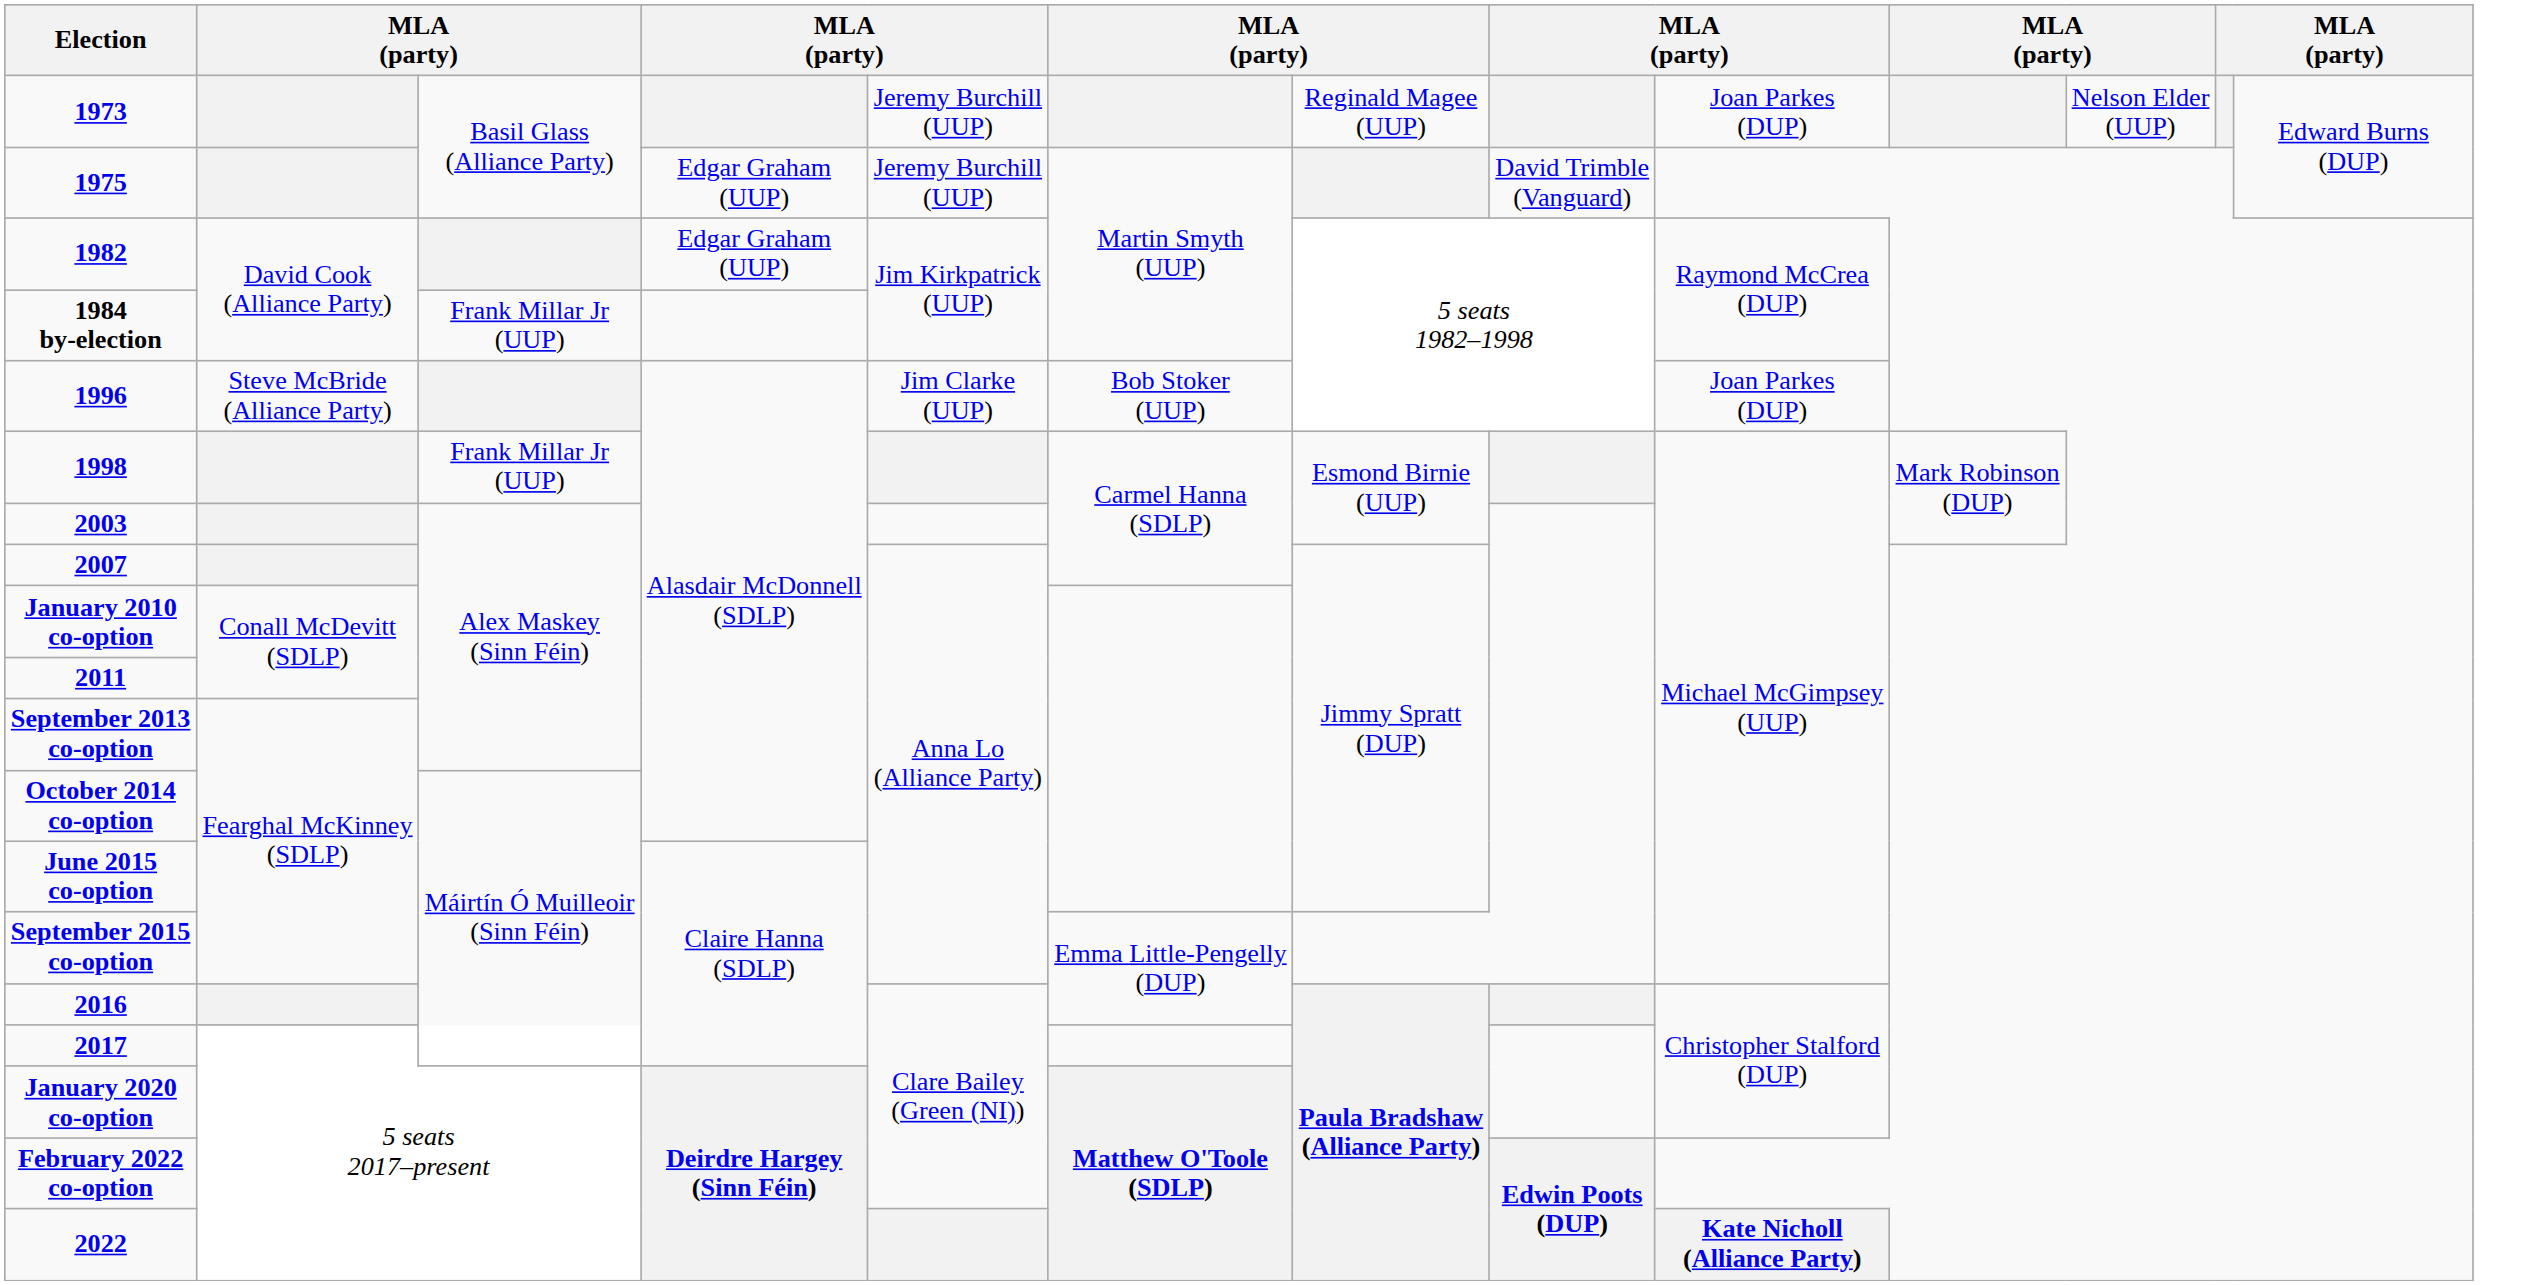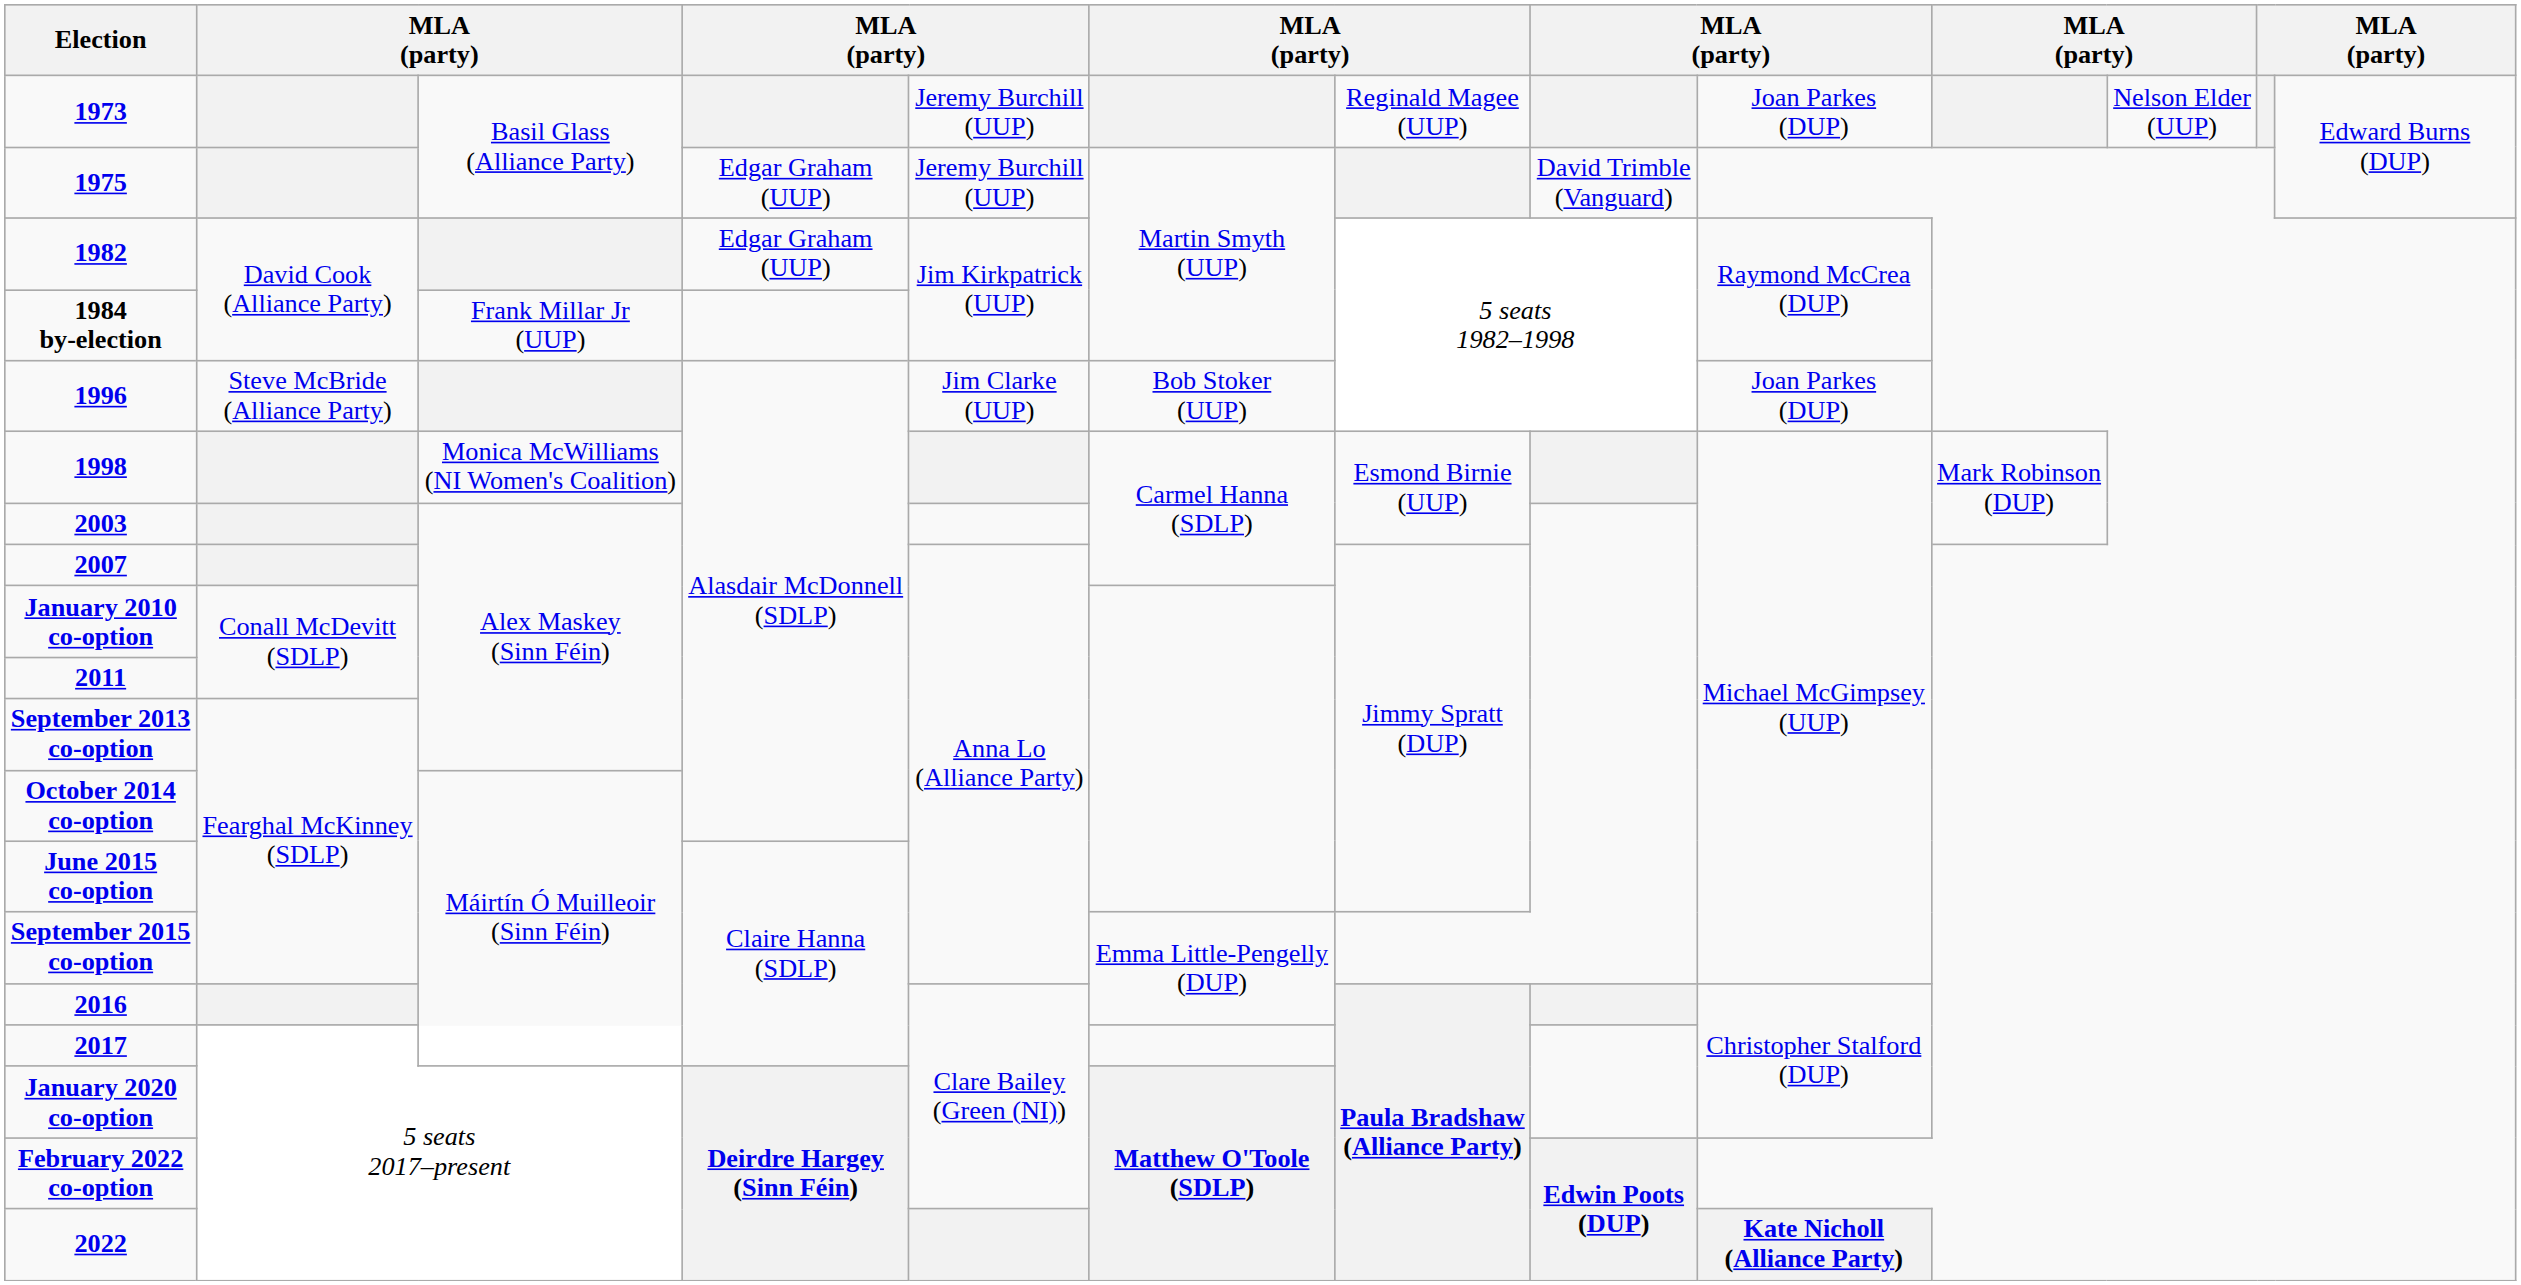 <table class="wikitable" style="text-align:center">
 <tr>
 <th>Election</th>
 <th scope="col" width="150" colspan = "2">MLA<br> (party)</th>
 <th scope="col" width="150" colspan = "2">MLA<br> (party)</th>
 <th scope="col" width="150" colspan = "2">MLA<br> (party)</th>
 <th scope="col" width="150" colspan = "2">MLA<br> (party)</th>
 <th scope="col" width="150" colspan = "2">MLA<br> (party)</th>
 <th scope="col" width="150" colspan = "2">MLA<br> (party)</th>
 </tr>
 <tr>
 <td><strong><a href='#'>1973</a></strong></td>
 <th style="background-color: "></th>
 <td rowspan=2><a href='#'>Basil Glass</a><br>(<a href='#'>Alliance Party</a>)</td>
 <th style="background-color: "></th>
 <td><a href='#'>Jeremy Burchill</a><br>(<a href='#'>UUP</a>)</td>
 <th style="background-color: "></th>
 <td><a href='#'>Reginald Magee</a><br>(<a href='#'>UUP</a>)</td>
 <th style="background-color: "></th>
 <td><a href='#'>Joan Parkes</a><br>(<a href='#'>DUP</a>)</td>
 <th style="background-color: "></th>
 <td><a href='#'>Nelson Elder</a><br>(<a href='#'>UUP</a>)</td>
 <th style="background-color: "></th>
 <td rowspan=2><a href='#'>Edward Burns</a><br>(<a href='#'>DUP</a>)</td>
 </tr>
 <tr>
 <td><strong><a href='#'>1975</a></strong></td>
 <th style="background-color: "></th>
 <td><a href='#'>Edgar Graham</a><br>(<a href='#'>UUP</a>)</td>
 <td><a href='#'>Jeremy Burchill</a><br>(<a href='#'>UUP</a>)</td>
 <td rowspan=3><a href='#'>Martin Smyth</a><br>(<a href='#'>UUP</a>)</td>
 <th style="background-color: "></th>
 <td><a href='#'>David Trimble</a><br>(<a href='#'>Vanguard</a>)</td>
 </tr>
 <tr>
 <td><strong><a href='#'>1982</a></strong></td>
 <td rowspan=2><a href='#'>David Cook</a><br>(<a href='#'>Alliance Party</a>)</td>
 <th style="background-color: "></th>
 <td><a href='#'>Edgar Graham</a><br>(<a href='#'>UUP</a>)</td>
 <td rowspan=2><a href='#'>Jim Kirkpatrick</a><br>(<a href='#'>UUP</a>)</td>
 <td style="background-color:#FFFFFF" rowspan=3 colspan=2><em>5 seats<br>1982–1998</em></td>
 <td rowspan=2><a href='#'>Raymond McCrea</a><br>(<a href='#'>DUP</a>)</td>
 </tr>
 <tr>
 <td><strong>1984<br>by-election</strong></td>
 <td><a href='#'>Frank Millar Jr</a><br>(<a href='#'>UUP</a>)</td>
 </tr>
 <tr>
 <td><strong><a href='#'>1996</a></strong></td>
 <td><a href='#'>Steve McBride</a><br>(<a href='#'>Alliance Party</a>)</td>
 <th style="background-color: "></th>
 <td rowspan=8><a href='#'>Alasdair McDonnell</a><br>(<a href='#'>SDLP</a>)</td>
 <td><a href='#'>Jim Clarke</a><br>(<a href='#'>UUP</a>)</td>
 <td><a href='#'>Bob Stoker</a><br>(<a href='#'>UUP</a>)</td>
 <td><a href='#'>Joan Parkes</a><br>(<a href='#'>DUP</a>)</td>
 </tr>
 <tr>
 <td><strong><a href='#'>1998</a></strong></td>
 <th style="background-color: "></th>
-<td><a href='#'>Frank Millar Jr</a><br>(<a href='#'>UUP</a>)</td>
+<td><a href='#'>Monica McWilliams</a><br>(<a href='#'>NI Women's Coalition</a>)</td>
 <th style="background-color: "></th>
 <td rowspan=3><a href='#'>Carmel Hanna</a><br>(<a href='#'>SDLP</a>)</td>
 <td rowspan=2><a href='#'>Esmond Birnie</a><br>(<a href='#'>UUP</a>)</td>
 <th style="background-color: "></th>
 <td rowspan=9><a href='#'>Michael McGimpsey</a><br>(<a href='#'>UUP</a>)</td>
 <td rowspan=2><a href='#'>Mark Robinson</a><br>(<a href='#'>DUP</a>)</td>
 </tr>
 <tr>
 <td><strong><a href='#'>2003</a></strong></td>
 <th style="background-color: "></th>
 <td rowspan=5><a href='#'>Alex Maskey</a><br>(<a href='#'>Sinn Féin</a>)</td>
 </tr>
 <tr>
 <td><strong><a href='#'>2007</a></strong></td>
 <th style="background-color: "></th>
 <td rowspan=7><a href='#'>Anna Lo</a><br>(<a href='#'>Alliance Party</a>)</td>
 <td rowspan=6><a href='#'>Jimmy Spratt</a><br>(<a href='#'>DUP</a>)</td>
 </tr>
 <tr>
 <td><strong><a href='#'>January 2010<br>co-option</a></strong></td>
 <td rowspan=2><a href='#'>Conall McDevitt</a><br>(<a href='#'>SDLP</a>)</td>
 </tr>
 <tr>
 <td><strong><a href='#'>2011</a></strong></td>
 </tr>
 <tr>
 <td><strong><a href='#'>September 2013<br>co-option</a></strong></td>
 <td rowspan=4><a href='#'>Fearghal McKinney</a><br>(<a href='#'>SDLP</a>)</td>
 </tr>
 <tr>
 <td><strong><a href='#'>October 2014<br>co-option</a></strong></td>
 <td rowspan=5><a href='#'>Máirtín Ó Muilleoir</a><br>(<a href='#'>Sinn Féin</a>)</td>
 </tr>
 <tr>
 <td><strong><a href='#'>June 2015<br>co-option</a></strong></td>
 <td rowspan=4><a href='#'>Claire Hanna</a><br>(<a href='#'>SDLP</a>)</td>
 </tr>
 <tr>
 <td><strong><a href='#'>September 2015<br>co-option</a></strong></td>
 <td rowspan=2><a href='#'>Emma Little-Pengelly</a><br>(<a href='#'>DUP</a>)</td>
 </tr>
 <tr>
 <td><strong><a href='#'>2016</a></strong></td>
 <th style="background-color: "></th>
 <td rowspan=4><a href='#'>Clare Bailey</a><br>(<a href='#'>Green (NI)</a>)</td>
 <th rowspan="5"><a href='#'>Paula Bradshaw</a><br>(<a href='#'>Alliance Party</a>)</th>
 <th style="background-color: "></th>
 <td rowspan=3><a href='#'>Christopher Stalford</a><br>(<a href='#'>DUP</a>)</td>
 </tr>
 <tr>
 <td><strong><a href='#'>2017</a></strong></td>
 <td colspan="2" rowspan="4" style="background-color:#FFFFFF"><em>5 seats<br>2017–present</em></td>
 </tr>
 <tr>
 <td><strong><a href='#'>January 2020<br>co-option</a></strong></td>
 <th rowspan="4"><a href='#'>Deirdre Hargey</a><br>(<a href='#'>Sinn Féin</a>)</th>
 <th rowspan="4"><a href='#'>Matthew O'Toole</a><br>(<a href='#'>SDLP</a>)</th>
 </tr>
 <tr>
 <td><strong><a href='#'>February 2022<br>co-option</a></strong></td>
 <th rowspan="2"><a href='#'>Edwin Poots</a><br>(<a href='#'>DUP</a>)</th>
 </tr>
 <tr>
 <td><strong><a href='#'>2022</a></strong></td>
 <th style="background-color: "></th>
 <th><a href='#'>Kate Nicholl</a><br>(<a href='#'>Alliance Party</a>)</th>
 </tr>
 </table>
